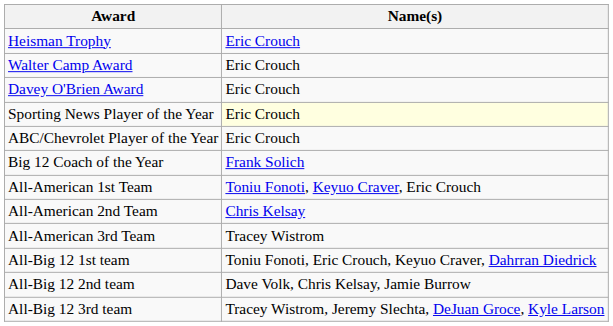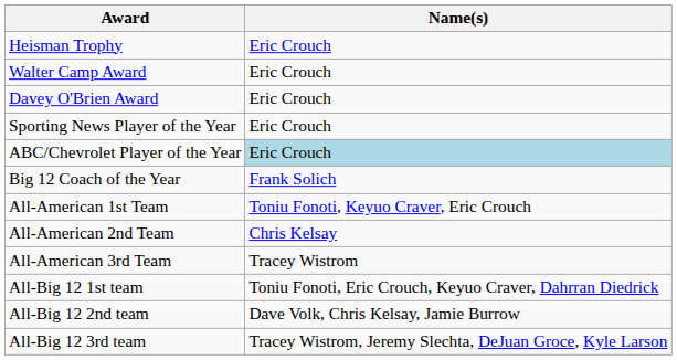 <table class="wikitable">
 <tr>
 <th>Award</th>
 <th>Name(s)</th>
 </tr>
 <tr>
 <td><a href='#'>Heisman Trophy</a></td>
 <td><a href='#'>Eric Crouch</a></td>
 </tr>
 <tr>
 <td><a href='#'>Walter Camp Award</a></td>
 <td>Eric Crouch</td>
 </tr>
 <tr>
 <td><a href='#'>Davey O'Brien Award</a></td>
 <td>Eric Crouch</td>
 </tr>
 <tr>
 <td>Sporting News Player of the Year</td>
-<td style="background: lightyellow;">Eric Crouch</td>
+<td>Eric Crouch</td>
 </tr>
 <tr>
 <td>ABC/Chevrolet Player of the Year</td>
-<td>Eric Crouch</td>
+<td style="background: lightblue;">Eric Crouch</td>
 </tr>
 <tr>
 <td>Big 12 Coach of the Year</td>
 <td><a href='#'>Frank Solich</a></td>
 </tr>
 <tr>
 <td>All-American 1st Team</td>
 <td><a href='#'>Toniu Fonoti</a>, <a href='#'>Keyuo Craver</a>, Eric Crouch</td>
 </tr>
 <tr>
 <td>All-American 2nd Team</td>
 <td><a href='#'>Chris Kelsay</a></td>
 </tr>
 <tr>
 <td>All-American 3rd Team</td>
 <td>Tracey Wistrom</td>
 </tr>
 <tr>
 <td>All-Big 12 1st team</td>
 <td>Toniu Fonoti, Eric Crouch, Keyuo Craver, <a href='#'>Dahrran Diedrick</a></td>
 </tr>
 <tr>
 <td>All-Big 12 2nd team</td>
 <td>Dave Volk, Chris Kelsay, Jamie Burrow</td>
 </tr>
 <tr>
 <td>All-Big 12 3rd team</td>
 <td>Tracey Wistrom, Jeremy Slechta, <a href='#'>DeJuan Groce</a>, <a href='#'>Kyle Larson</a></td>
 </tr>
 </table>
